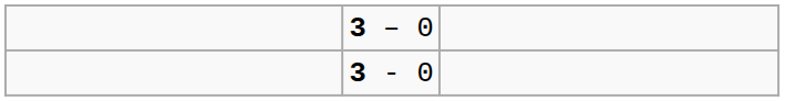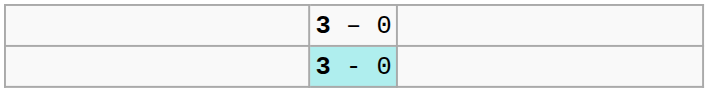 <table class="wikitable">
 <tr>
 <td width=150></td>
 <td><strong>3</strong> – 0</td>
 <td width=150></td>
 </tr>
 <tr>
 <td></td>
-<td><strong>3</strong> - 0</td>
+<td style="background: paleturquoise;"><strong>3</strong> - 0</td>
 <td></td>
 </tr>
 </table>
